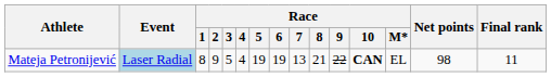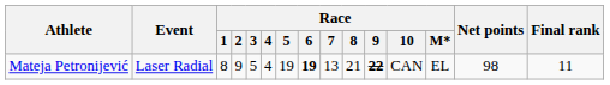 <table class="wikitable" style="font-size:90%">
 <tr>
 <th rowspan="2">Athlete</th>
 <th rowspan="2">Event</th>
 <th colspan=11>Race</th>
 <th rowspan=2>Net points</th>
 <th rowspan=2>Final rank</th>
 </tr>
 <tr style="font-size:95%">
 <th>1</th>
 <th>2</th>
 <th>3</th>
 <th>4</th>
 <th>5</th>
 <th>6</th>
 <th>7</th>
 <th>8</th>
 <th>9</th>
 <th>10</th>
 <th>M*</th>
 </tr>
 <tr align=center>
 <td align=left><a href='#'>Mateja Petronijević</a></td>
-<td align=left style="background: lightblue;"><a href='#'>Laser Radial</a></td>
+<td align=left><a href='#'>Laser Radial</a></td>
 <td>8</td>
 <td>9</td>
 <td>5</td>
 <td>4</td>
 <td>19</td>
-<td>19</td>
+<td><strong>19</strong></td>
 <td>13</td>
 <td>21</td>
-<td><s>22</s></td>
-<td><strong>CAN</strong></td>
+<td><strong><s>22</s></strong></td>
+<td>CAN</td>
 <td>EL</td>
 <td>98</td>
 <td>11</td>
 </tr>
 </table>
